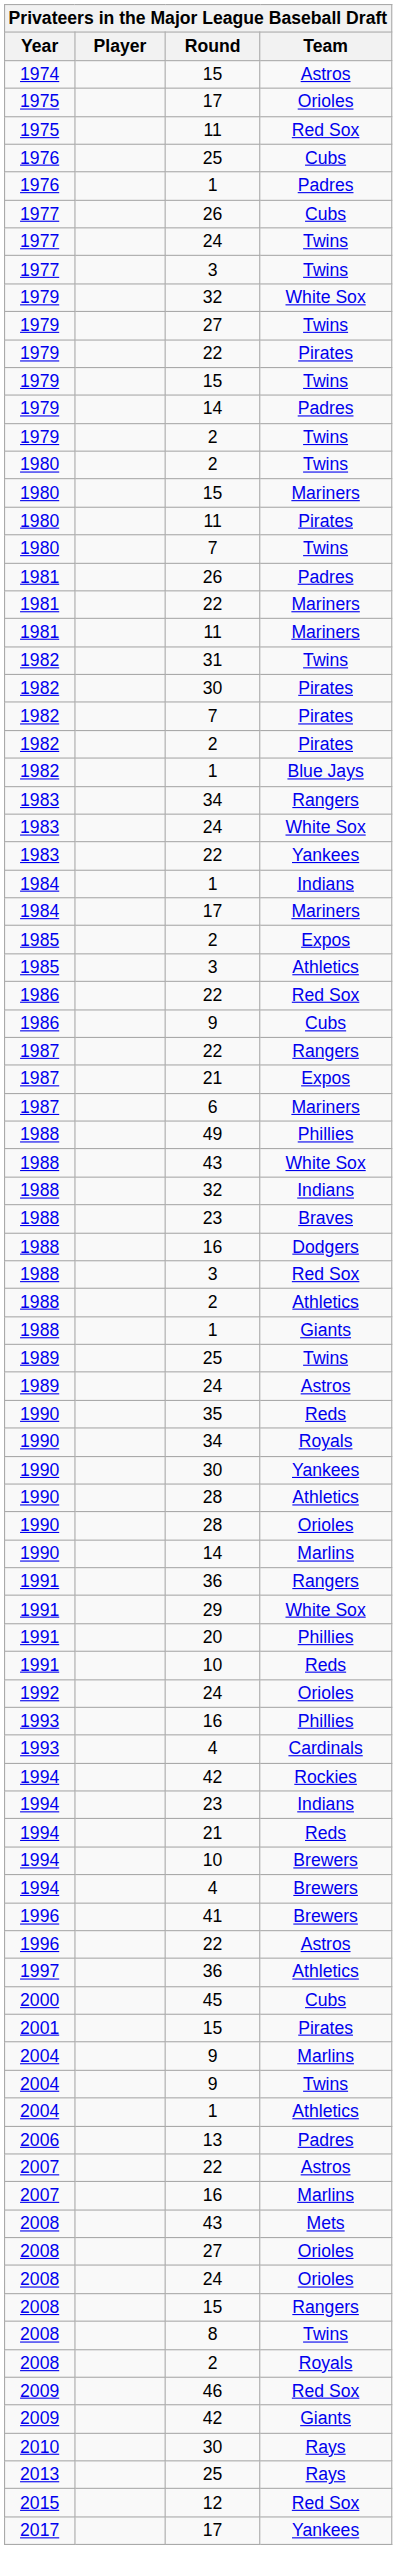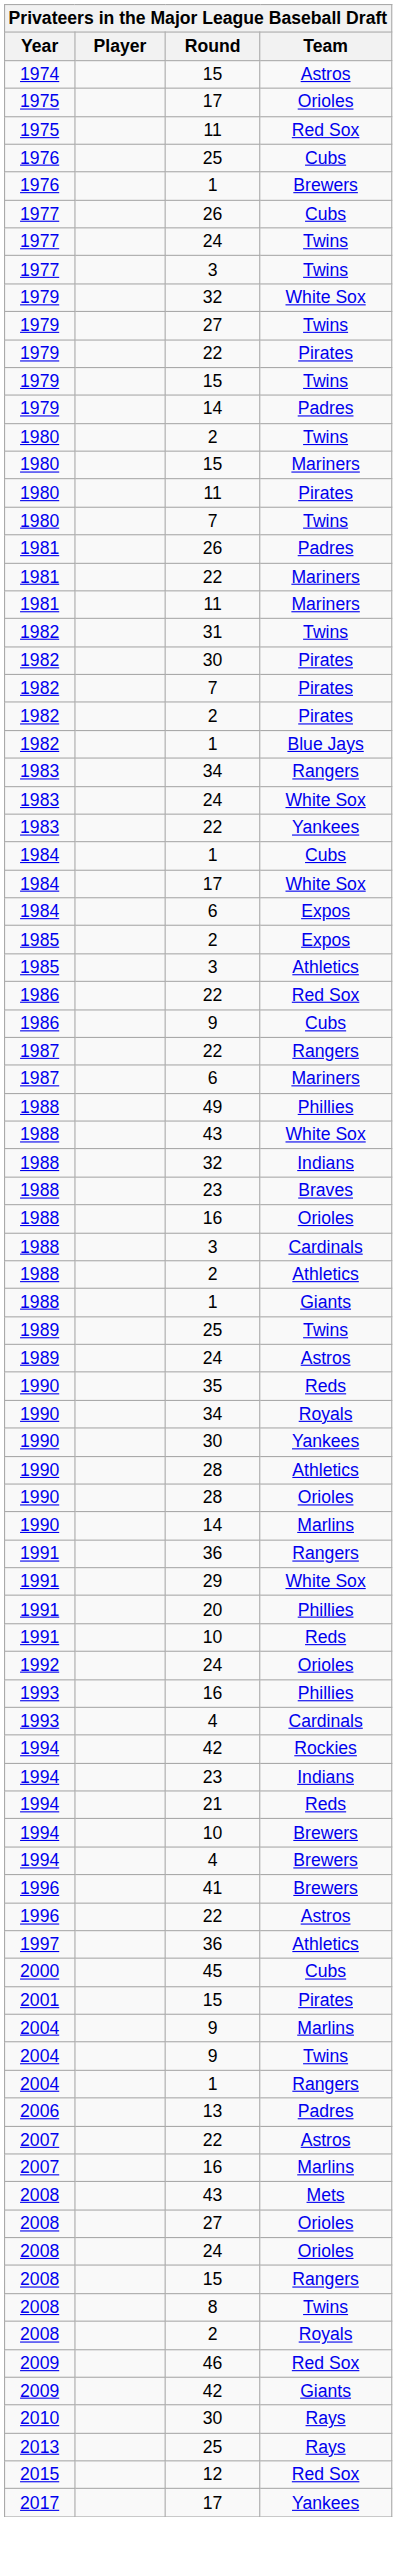 <table class="wikitable sortable collapsible collapsed" style="text-align:center">
 <tr>
 <th colspan=4>Privateers in the Major League Baseball Draft</th>
 </tr>
 <tr>
 <th>Year</th>
 <th>Player</th>
 <th>Round</th>
 <th>Team</th>
 </tr>
 <tr>
 <td><a href='#'>1974</a></td>
 <td></td>
 <td>15</td>
 <td><a href='#'>Astros</a></td>
 </tr>
 <tr>
 <td><a href='#'>1975</a></td>
 <td></td>
 <td>17</td>
 <td><a href='#'>Orioles</a></td>
 </tr>
 <tr>
 <td><a href='#'>1975</a></td>
 <td></td>
 <td>11</td>
 <td><a href='#'>Red Sox</a></td>
 </tr>
 <tr>
 <td><a href='#'>1976</a></td>
 <td></td>
 <td>25</td>
 <td><a href='#'>Cubs</a></td>
 </tr>
 <tr>
 <td><a href='#'>1976</a></td>
 <td></td>
 <td>1</td>
-<td><a href='#'>Padres</a></td>
+<td><a href='#'>Brewers</a></td>
 </tr>
 <tr>
 <td><a href='#'>1977</a></td>
 <td></td>
 <td>26</td>
 <td><a href='#'>Cubs</a></td>
 </tr>
 <tr>
 <td><a href='#'>1977</a></td>
 <td></td>
 <td>24</td>
 <td><a href='#'>Twins</a></td>
 </tr>
 <tr>
 <td><a href='#'>1977</a></td>
 <td></td>
 <td>3</td>
 <td><a href='#'>Twins</a></td>
 </tr>
 <tr>
 <td><a href='#'>1979</a></td>
 <td></td>
 <td>32</td>
 <td><a href='#'>White Sox</a></td>
 </tr>
 <tr>
 <td><a href='#'>1979</a></td>
 <td></td>
 <td>27</td>
 <td><a href='#'>Twins</a></td>
 </tr>
 <tr>
 <td><a href='#'>1979</a></td>
 <td></td>
 <td>22</td>
 <td><a href='#'>Pirates</a></td>
 </tr>
 <tr>
 <td><a href='#'>1979</a></td>
 <td></td>
 <td>15</td>
 <td><a href='#'>Twins</a></td>
 </tr>
 <tr>
 <td><a href='#'>1979</a></td>
 <td></td>
 <td>14</td>
 <td><a href='#'>Padres</a></td>
-</tr>
-<tr>
-<td><a href='#'>1979</a></td>
-<td></td>
-<td>2</td>
-<td><a href='#'>Twins</a></td>
 </tr>
 <tr>
 <td><a href='#'>1980</a></td>
 <td></td>
 <td>2</td>
 <td><a href='#'>Twins</a></td>
 </tr>
 <tr>
 <td><a href='#'>1980</a></td>
 <td></td>
 <td>15</td>
 <td><a href='#'>Mariners</a></td>
 </tr>
 <tr>
 <td><a href='#'>1980</a></td>
 <td></td>
 <td>11</td>
 <td><a href='#'>Pirates</a></td>
 </tr>
 <tr>
 <td><a href='#'>1980</a></td>
 <td></td>
 <td>7</td>
 <td><a href='#'>Twins</a></td>
 </tr>
 <tr>
 <td><a href='#'>1981</a></td>
 <td></td>
 <td>26</td>
 <td><a href='#'>Padres</a></td>
 </tr>
 <tr>
 <td><a href='#'>1981</a></td>
 <td></td>
 <td>22</td>
 <td><a href='#'>Mariners</a></td>
 </tr>
 <tr>
 <td><a href='#'>1981</a></td>
 <td></td>
 <td>11</td>
 <td><a href='#'>Mariners</a></td>
 </tr>
 <tr>
 <td><a href='#'>1982</a></td>
 <td></td>
 <td>31</td>
 <td><a href='#'>Twins</a></td>
 </tr>
 <tr>
 <td><a href='#'>1982</a></td>
 <td></td>
 <td>30</td>
 <td><a href='#'>Pirates</a></td>
 </tr>
 <tr>
 <td><a href='#'>1982</a></td>
 <td></td>
 <td>7</td>
 <td><a href='#'>Pirates</a></td>
 </tr>
 <tr>
 <td><a href='#'>1982</a></td>
 <td></td>
 <td>2</td>
 <td><a href='#'>Pirates</a></td>
 </tr>
 <tr>
 <td><a href='#'>1982</a></td>
 <td></td>
 <td>1</td>
 <td><a href='#'>Blue Jays</a></td>
 </tr>
 <tr>
 <td><a href='#'>1983</a></td>
 <td></td>
 <td>34</td>
 <td><a href='#'>Rangers</a></td>
 </tr>
 <tr>
 <td><a href='#'>1983</a></td>
 <td></td>
 <td>24</td>
 <td><a href='#'>White Sox</a></td>
 </tr>
 <tr>
 <td><a href='#'>1983</a></td>
 <td></td>
 <td>22</td>
 <td><a href='#'>Yankees</a></td>
 </tr>
 <tr>
 <td><a href='#'>1984</a></td>
 <td></td>
 <td>1</td>
-<td><a href='#'>Indians</a></td>
+<td><a href='#'>Cubs</a></td>
 </tr>
 <tr>
 <td><a href='#'>1984</a></td>
 <td></td>
 <td>17</td>
-<td><a href='#'>Mariners</a></td>
+<td><a href='#'>White Sox</a></td>
+</tr>
+<tr>
+<td><a href='#'>1984</a></td>
+<td></td>
+<td>6</td>
+<td><a href='#'>Expos</a></td>
 </tr>
 <tr>
 <td><a href='#'>1985</a></td>
 <td></td>
 <td>2</td>
 <td><a href='#'>Expos</a></td>
 </tr>
 <tr>
 <td><a href='#'>1985</a></td>
 <td></td>
 <td>3</td>
 <td><a href='#'>Athletics</a></td>
 </tr>
 <tr>
 <td><a href='#'>1986</a></td>
 <td></td>
 <td>22</td>
 <td><a href='#'>Red Sox</a></td>
 </tr>
 <tr>
 <td><a href='#'>1986</a></td>
 <td></td>
 <td>9</td>
 <td><a href='#'>Cubs</a></td>
 </tr>
 <tr>
 <td><a href='#'>1987</a></td>
 <td></td>
 <td>22</td>
 <td><a href='#'>Rangers</a></td>
-</tr>
-<tr>
-<td><a href='#'>1987</a></td>
-<td></td>
-<td>21</td>
-<td><a href='#'>Expos</a></td>
 </tr>
 <tr>
 <td><a href='#'>1987</a></td>
 <td></td>
 <td>6</td>
 <td><a href='#'>Mariners</a></td>
 </tr>
 <tr>
 <td><a href='#'>1988</a></td>
 <td></td>
 <td>49</td>
 <td><a href='#'>Phillies</a></td>
 </tr>
 <tr>
 <td><a href='#'>1988</a></td>
 <td></td>
 <td>43</td>
 <td><a href='#'>White Sox</a></td>
 </tr>
 <tr>
 <td><a href='#'>1988</a></td>
 <td></td>
 <td>32</td>
 <td><a href='#'>Indians</a></td>
 </tr>
 <tr>
 <td><a href='#'>1988</a></td>
 <td></td>
 <td>23</td>
 <td><a href='#'>Braves</a></td>
 </tr>
 <tr>
 <td><a href='#'>1988</a></td>
 <td></td>
 <td>16</td>
-<td><a href='#'>Dodgers</a></td>
+<td><a href='#'>Orioles</a></td>
 </tr>
 <tr>
 <td><a href='#'>1988</a></td>
 <td></td>
 <td>3</td>
-<td><a href='#'>Red Sox</a></td>
+<td><a href='#'>Cardinals</a></td>
 </tr>
 <tr>
 <td><a href='#'>1988</a></td>
 <td></td>
 <td>2</td>
 <td><a href='#'>Athletics</a></td>
 </tr>
 <tr>
 <td><a href='#'>1988</a></td>
 <td></td>
 <td>1</td>
 <td><a href='#'>Giants</a></td>
 </tr>
 <tr>
 <td><a href='#'>1989</a></td>
 <td></td>
 <td>25</td>
 <td><a href='#'>Twins</a></td>
 </tr>
 <tr>
 <td><a href='#'>1989</a></td>
 <td></td>
 <td>24</td>
 <td><a href='#'>Astros</a></td>
 </tr>
 <tr>
 <td><a href='#'>1990</a></td>
 <td></td>
 <td>35</td>
 <td><a href='#'>Reds</a></td>
 </tr>
 <tr>
 <td><a href='#'>1990</a></td>
 <td></td>
 <td>34</td>
 <td><a href='#'>Royals</a></td>
 </tr>
 <tr>
 <td><a href='#'>1990</a></td>
 <td></td>
 <td>30</td>
 <td><a href='#'>Yankees</a></td>
 </tr>
 <tr>
 <td><a href='#'>1990</a></td>
 <td></td>
 <td>28</td>
 <td><a href='#'>Athletics</a></td>
 </tr>
 <tr>
 <td><a href='#'>1990</a></td>
 <td></td>
 <td>28</td>
 <td><a href='#'>Orioles</a></td>
 </tr>
 <tr>
 <td><a href='#'>1990</a></td>
 <td></td>
 <td>14</td>
 <td><a href='#'>Marlins</a></td>
 </tr>
 <tr>
 <td><a href='#'>1991</a></td>
 <td></td>
 <td>36</td>
 <td><a href='#'>Rangers</a></td>
 </tr>
 <tr>
 <td><a href='#'>1991</a></td>
 <td></td>
 <td>29</td>
 <td><a href='#'>White Sox</a></td>
 </tr>
 <tr>
 <td><a href='#'>1991</a></td>
 <td></td>
 <td>20</td>
 <td><a href='#'>Phillies</a></td>
 </tr>
 <tr>
 <td><a href='#'>1991</a></td>
 <td></td>
 <td>10</td>
 <td><a href='#'>Reds</a></td>
 </tr>
 <tr>
 <td><a href='#'>1992</a></td>
 <td></td>
 <td>24</td>
 <td><a href='#'>Orioles</a></td>
 </tr>
 <tr>
 <td><a href='#'>1993</a></td>
 <td></td>
 <td>16</td>
 <td><a href='#'>Phillies</a></td>
 </tr>
 <tr>
 <td><a href='#'>1993</a></td>
 <td></td>
 <td>4</td>
 <td><a href='#'>Cardinals</a></td>
 </tr>
 <tr>
 <td><a href='#'>1994</a></td>
 <td></td>
 <td>42</td>
 <td><a href='#'>Rockies</a></td>
 </tr>
 <tr>
 <td><a href='#'>1994</a></td>
 <td></td>
 <td>23</td>
 <td><a href='#'>Indians</a></td>
 </tr>
 <tr>
 <td><a href='#'>1994</a></td>
 <td></td>
 <td>21</td>
 <td><a href='#'>Reds</a></td>
 </tr>
 <tr>
 <td><a href='#'>1994</a></td>
 <td></td>
 <td>10</td>
 <td><a href='#'>Brewers</a></td>
 </tr>
 <tr>
 <td><a href='#'>1994</a></td>
 <td></td>
 <td>4</td>
 <td><a href='#'>Brewers</a></td>
 </tr>
 <tr>
 <td><a href='#'>1996</a></td>
 <td></td>
 <td>41</td>
 <td><a href='#'>Brewers</a></td>
 </tr>
 <tr>
 <td><a href='#'>1996</a></td>
 <td></td>
 <td>22</td>
 <td><a href='#'>Astros</a></td>
 </tr>
 <tr>
 <td><a href='#'>1997</a></td>
 <td></td>
 <td>36</td>
 <td><a href='#'>Athletics</a></td>
 </tr>
 <tr>
 <td><a href='#'>2000</a></td>
 <td></td>
 <td>45</td>
 <td><a href='#'>Cubs</a></td>
 </tr>
 <tr>
 <td><a href='#'>2001</a></td>
 <td></td>
 <td>15</td>
 <td><a href='#'>Pirates</a></td>
 </tr>
 <tr>
 <td><a href='#'>2004</a></td>
 <td></td>
 <td>9</td>
 <td><a href='#'>Marlins</a></td>
 </tr>
 <tr>
 <td><a href='#'>2004</a></td>
 <td></td>
 <td>9</td>
 <td><a href='#'>Twins</a></td>
 </tr>
 <tr>
 <td><a href='#'>2004</a></td>
 <td></td>
 <td>1</td>
-<td><a href='#'>Athletics</a></td>
+<td><a href='#'>Rangers</a></td>
 </tr>
 <tr>
 <td><a href='#'>2006</a></td>
 <td></td>
 <td>13</td>
 <td><a href='#'>Padres</a></td>
 </tr>
 <tr>
 <td><a href='#'>2007</a></td>
 <td></td>
 <td>22</td>
 <td><a href='#'>Astros</a></td>
 </tr>
 <tr>
 <td><a href='#'>2007</a></td>
 <td></td>
 <td>16</td>
 <td><a href='#'>Marlins</a></td>
 </tr>
 <tr>
 <td><a href='#'>2008</a></td>
 <td></td>
 <td>43</td>
 <td><a href='#'>Mets</a></td>
 </tr>
 <tr>
 <td><a href='#'>2008</a></td>
 <td></td>
 <td>27</td>
 <td><a href='#'>Orioles</a></td>
 </tr>
 <tr>
 <td><a href='#'>2008</a></td>
 <td></td>
 <td>24</td>
 <td><a href='#'>Orioles</a></td>
 </tr>
 <tr>
 <td><a href='#'>2008</a></td>
 <td></td>
 <td>15</td>
 <td><a href='#'>Rangers</a></td>
 </tr>
 <tr>
 <td><a href='#'>2008</a></td>
 <td></td>
 <td>8</td>
 <td><a href='#'>Twins</a></td>
 </tr>
 <tr>
 <td><a href='#'>2008</a></td>
 <td></td>
 <td>2</td>
 <td><a href='#'>Royals</a></td>
 </tr>
 <tr>
 <td><a href='#'>2009</a></td>
 <td></td>
 <td>46</td>
 <td><a href='#'>Red Sox</a></td>
 </tr>
 <tr>
 <td><a href='#'>2009</a></td>
 <td></td>
 <td>42</td>
 <td><a href='#'>Giants</a></td>
 </tr>
 <tr>
 <td><a href='#'>2010</a></td>
 <td></td>
 <td>30</td>
 <td><a href='#'>Rays</a></td>
 </tr>
 <tr>
 <td><a href='#'>2013</a></td>
 <td></td>
 <td>25</td>
 <td><a href='#'>Rays</a></td>
 </tr>
 <tr>
 <td><a href='#'>2015</a></td>
 <td></td>
 <td>12</td>
 <td><a href='#'>Red Sox</a></td>
 </tr>
 <tr>
 <td><a href='#'>2017</a></td>
 <td></td>
 <td>17</td>
 <td><a href='#'>Yankees</a></td>
 </tr>
 </table>
